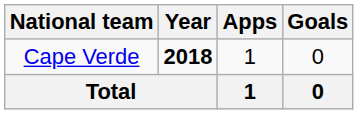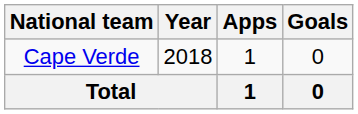 <table class="wikitable" style="text-align:center">
 <tr>
 <th>National team</th>
 <th>Year</th>
 <th>Apps</th>
 <th>Goals</th>
 </tr>
 <tr>
 <td><a href='#'>Cape Verde</a></td>
-<td><strong>2018</strong></td>
+<td>2018</td>
 <td>1</td>
 <td>0</td>
 </tr>
 <tr>
 <th colspan="2">Total</th>
 <th>1</th>
 <th>0</th>
 </tr>
 </table>
